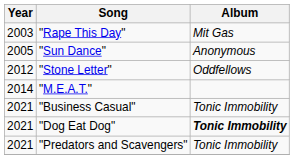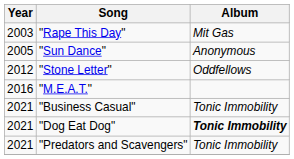 <table class="wikitable">
 <tr>
 <th>Year</th>
 <th>Song</th>
 <th>Album</th>
 </tr>
 <tr>
 <td style="text-align:center;">2003</td>
 <td>"<a href='#'>Rape This Day</a>"</td>
 <td><em>Mit Gas</em></td>
 </tr>
 <tr>
 <td style="text-align:center;">2005</td>
 <td>"<a href='#'>Sun Dance</a>"</td>
 <td><em>Anonymous</em></td>
 </tr>
 <tr>
 <td style="text-align:center;">2012</td>
 <td>"<a href='#'>Stone Letter</a>"</td>
 <td><em>Oddfellows</em></td>
 </tr>
 <tr>
-<td style="text-align:center;">2014</td>
+<td style="text-align:center;">2016</td>
 <td>"<a href='#'>M.E.A.T.</a>"</td>
 <td></td>
 </tr>
 <tr>
 <td style="text-align:center;">2021</td>
 <td>"Business Casual"</td>
 <td><em>Tonic Immobility</em></td>
 </tr>
 <tr>
 <td style="text-align:center;">2021</td>
 <td>"Dog Eat Dog"</td>
 <td><strong><em>Tonic Immobility</em></strong></td>
 </tr>
 <tr>
 <td style="text-align:center;">2021</td>
 <td>"Predators and Scavengers"</td>
 <td><em>Tonic Immobility</em></td>
 </tr>
 <tr>
 </tr>
 </table>
